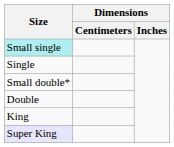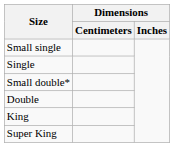 <table class="wikitable">
 <tr>
 <th rowspan="2" scope="col">Size</th>
 <th colspan="2" scope="col">Dimensions</th>
 </tr>
 <tr>
 <th>Centimeters</th>
 <th>Inches</th>
 </tr>
 <tr>
-<td style="background: paleturquoise;">Small single</td>
+<td>Small single</td>
 <td></td>
 </tr>
 <tr>
 <td>Single</td>
 <td></td>
 </tr>
 <tr>
 <td>Small double*</td>
 <td></td>
 </tr>
 <tr>
 <td>Double</td>
 <td></td>
 </tr>
 <tr>
 <td>King</td>
 <td></td>
 </tr>
 <tr>
-<td style="background: lavender;">Super King</td>
+<td>Super King</td>
 <td></td>
 </tr>
 </table>
